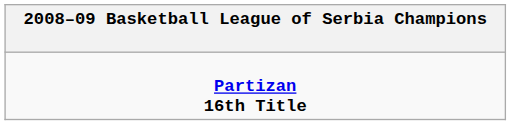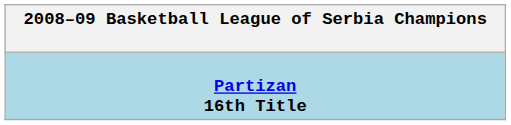 <table class="wikitable" style="margin: 0 auto; width: 30%;">
 <tr>
 <th>2008–09 Basketball League of Serbia Champions<br><br></th>
 </tr>
 <tr>
-<td align=center><br><strong><a href='#'>Partizan</a></strong><br><strong>16th Title</strong></td>
+<td align=center style="background: lightblue;"><br><strong><a href='#'>Partizan</a></strong><br><strong>16th Title</strong></td>
 </tr>
 </table>
